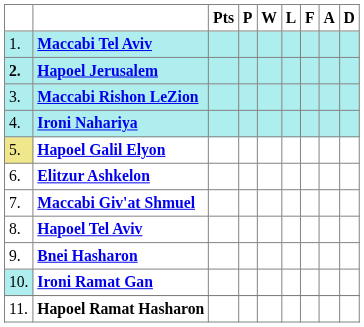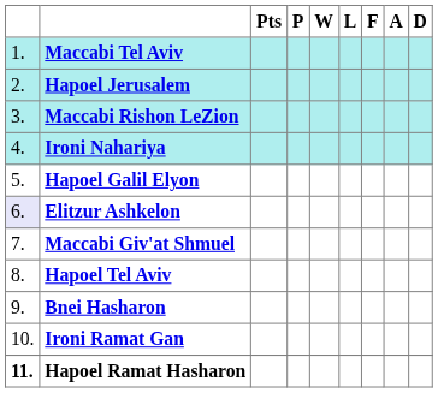 <table class="toccolours" border="1" cellpadding="4" cellspacing="0" style="border-collapse: collapse; margin:0 ;">
 <tr>
 <th></th>
 <th></th>
 <th>Pts</th>
 <th>P</th>
 <th>W</th>
 <th>L</th>
 <th>F</th>
 <th>Α</th>
 <th>D</th>
 </tr>
 <tr bgcolor="afeeee">
 <td>1.</td>
 <td><strong><a href='#'>Maccabi Tel Aviv</a></strong></td>
 <td></td>
 <td></td>
 <td></td>
 <td></td>
 <td></td>
 <td></td>
 <td></td>
 </tr>
 <tr bgcolor="afeeee">
-<td><strong>2.</strong></td>
+<td>2.</td>
 <td><strong><a href='#'>Hapoel Jerusalem</a></strong></td>
 <td></td>
 <td></td>
 <td></td>
 <td></td>
 <td></td>
 <td></td>
 <td></td>
 </tr>
 <tr bgcolor="afeeee">
 <td>3.</td>
 <td><strong><a href='#'>Maccabi Rishon LeZion</a></strong></td>
 <td></td>
 <td></td>
 <td></td>
 <td></td>
 <td></td>
 <td></td>
 <td></td>
 </tr>
 <tr bgcolor="afeeee">
 <td>4.</td>
 <td><strong><a href='#'>Ironi Nahariya</a></strong></td>
 <td></td>
 <td></td>
 <td></td>
 <td></td>
 <td></td>
 <td></td>
 <td></td>
 </tr>
 <tr>
-<td style="background: khaki;">5.</td>
+<td>5.</td>
 <td><strong><a href='#'>Hapoel Galil Elyon</a></strong></td>
 <td></td>
 <td></td>
 <td></td>
 <td></td>
 <td></td>
 <td></td>
 <td></td>
 </tr>
 <tr>
-<td>6.</td>
+<td style="background: lavender;">6.</td>
 <td><strong><a href='#'>Elitzur Ashkelon</a></strong></td>
 <td></td>
 <td></td>
 <td></td>
 <td></td>
 <td></td>
 <td></td>
 <td></td>
 </tr>
 <tr>
 <td>7.</td>
 <td><strong><a href='#'>Maccabi Giv'at Shmuel</a></strong></td>
 <td></td>
 <td></td>
 <td></td>
 <td></td>
 <td></td>
 <td></td>
 <td></td>
 </tr>
 <tr>
 <td>8.</td>
 <td><strong><a href='#'>Hapoel Tel Aviv</a></strong></td>
 <td></td>
 <td></td>
 <td></td>
 <td></td>
 <td></td>
 <td></td>
 <td></td>
 </tr>
 <tr>
 <td>9.</td>
 <td><strong><a href='#'>Bnei Hasharon</a></strong></td>
 <td></td>
 <td></td>
 <td></td>
 <td></td>
 <td></td>
 <td></td>
 <td></td>
 </tr>
 <tr>
-<td style="background: paleturquoise;">10.</td>
+<td>10.</td>
 <td><strong><a href='#'>Ironi Ramat Gan</a></strong></td>
 <td></td>
 <td></td>
 <td></td>
 <td></td>
 <td></td>
 <td></td>
 <td></td>
 </tr>
 <tr bgcolor="ffc0cb">
 </tr>
 <tr>
-<td>11.</td>
+<td><strong>11.</strong></td>
 <td><strong>Hapoel Ramat Hasharon</strong></td>
 <td></td>
 <td></td>
 <td></td>
 <td></td>
 <td></td>
 <td></td>
 <td></td>
 </tr>
 </table>
